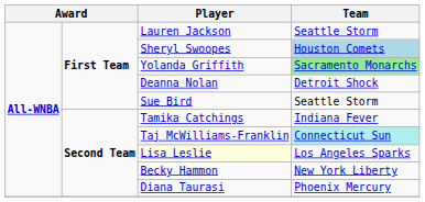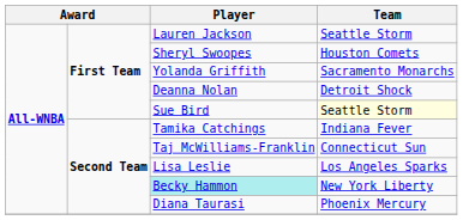 <table class="wikitable">
 <tr>
 <th colspan=2>Award</th>
 <th>Player</th>
 <th>Team</th>
 </tr>
 <tr>
 <td rowspan=10><strong><a href='#'>All-WNBA</a></strong></td>
 <td rowspan=5><strong>First Team</strong></td>
 <td><a href='#'>Lauren Jackson</a></td>
 <td><a href='#'>Seattle Storm</a></td>
 </tr>
 <tr>
 <td><a href='#'>Sheryl Swoopes</a></td>
-<td style="background: lightblue;"><a href='#'>Houston Comets</a></td>
+<td><a href='#'>Houston Comets</a></td>
 </tr>
 <tr>
 <td><a href='#'>Yolanda Griffith</a></td>
-<td style="background: lightgreen;"><a href='#'>Sacramento Monarchs</a></td>
+<td><a href='#'>Sacramento Monarchs</a></td>
 </tr>
 <tr>
 <td><a href='#'>Deanna Nolan</a></td>
 <td><a href='#'>Detroit Shock</a></td>
 </tr>
 <tr>
 <td><a href='#'>Sue Bird</a></td>
-<td>Seattle Storm</td>
+<td style="background: lightyellow;">Seattle Storm</td>
 </tr>
 <tr>
 <td rowspan=5><strong>Second Team</strong></td>
 <td><a href='#'>Tamika Catchings</a></td>
 <td><a href='#'>Indiana Fever</a></td>
 </tr>
 <tr>
 <td><a href='#'>Taj McWilliams-Franklin</a></td>
-<td style="background: paleturquoise;"><a href='#'>Connecticut Sun</a></td>
+<td><a href='#'>Connecticut Sun</a></td>
 </tr>
 <tr>
-<td style="background: lightyellow;"><a href='#'>Lisa Leslie</a></td>
+<td><a href='#'>Lisa Leslie</a></td>
 <td><a href='#'>Los Angeles Sparks</a></td>
 </tr>
 <tr>
-<td><a href='#'>Becky Hammon</a></td>
+<td style="background: paleturquoise;"><a href='#'>Becky Hammon</a></td>
 <td><a href='#'>New York Liberty</a></td>
 </tr>
 <tr>
 <td><a href='#'>Diana Taurasi</a></td>
 <td><a href='#'>Phoenix Mercury</a></td>
 </tr>
 <tr>
 </tr>
 </table>
